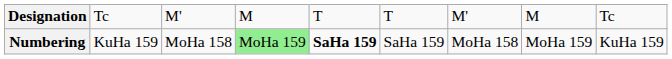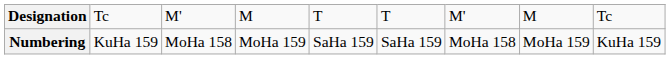 <table class="wikitable">
 <tr>
 <th>Designation</th>
 <td>Tc</td>
 <td>M'</td>
 <td>M</td>
 <td>T</td>
 <td>T</td>
 <td>M'</td>
 <td>M</td>
 <td>Tc</td>
 </tr>
 <tr>
 <th>Numbering</th>
 <td>KuHa 159</td>
 <td>MoHa 158</td>
-<td style="background: lightgreen;">MoHa 159</td>
-<td><strong>SaHa 159</strong></td>
+<td>MoHa 159</td>
+<td>SaHa 159</td>
 <td>SaHa 159</td>
 <td>MoHa 158</td>
 <td>MoHa 159</td>
 <td>KuHa 159</td>
 </tr>
 </table>
